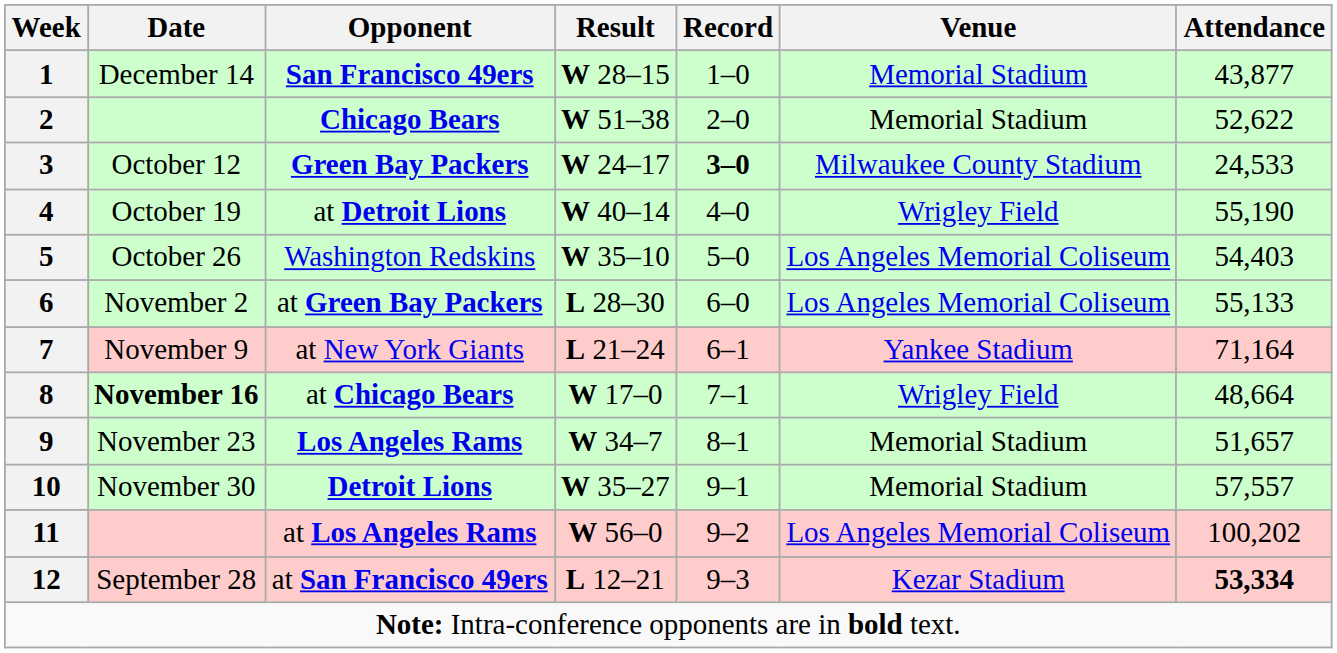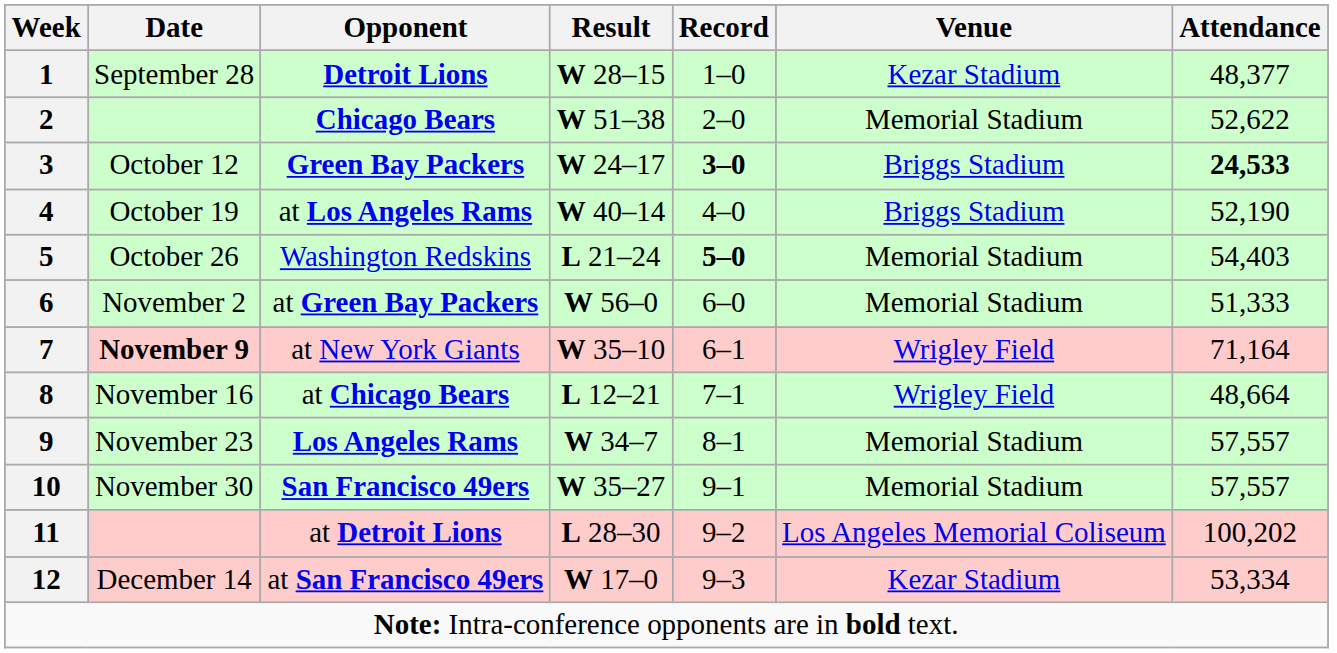 <table class="wikitable" style="text-align:center">
 <tr>
 <th>Week</th>
 <th>Date</th>
 <th>Opponent</th>
 <th>Result</th>
 <th>Record</th>
 <th>Venue</th>
 <th>Attendance</th>
 </tr>
 <tr style="background:#cfc">
 <th>1</th>
-<td>December 14</td>
-<td><strong><a href='#'>San Francisco 49ers</a></strong></td>
+<td>September 28</td>
+<td><strong><a href='#'>Detroit Lions</a></strong></td>
 <td><strong>W</strong> 28–15</td>
 <td>1–0</td>
-<td><a href='#'>Memorial Stadium</a></td>
-<td>43,877</td>
+<td><a href='#'>Kezar Stadium</a></td>
+<td>48,377</td>
 </tr>
 <tr style="background:#cfc">
 <th>2</th>
 <td></td>
 <td><strong><a href='#'>Chicago Bears</a></strong></td>
 <td><strong>W</strong> 51–38</td>
 <td>2–0</td>
 <td>Memorial Stadium</td>
 <td>52,622</td>
 </tr>
 <tr style="background:#cfc">
 <th>3</th>
 <td>October 12</td>
 <td><strong><a href='#'>Green Bay Packers</a></strong></td>
 <td><strong>W</strong> 24–17</td>
 <td><strong>3–0</strong></td>
-<td><a href='#'>Milwaukee County Stadium</a></td>
-<td>24,533</td>
+<td><a href='#'>Briggs Stadium</a></td>
+<td><strong>24,533</strong></td>
 </tr>
 <tr style="background:#cfc">
 <th>4</th>
 <td>October 19</td>
-<td>at <strong><a href='#'>Detroit Lions</a></strong></td>
+<td>at <strong><a href='#'>Los Angeles Rams</a></strong></td>
 <td><strong>W</strong> 40–14</td>
 <td>4–0</td>
-<td><a href='#'>Wrigley Field</a></td>
-<td>55,190</td>
+<td><a href='#'>Briggs Stadium</a></td>
+<td>52,190</td>
 </tr>
 <tr style="background:#cfc">
 <th>5</th>
 <td>October 26</td>
 <td><a href='#'>Washington Redskins</a></td>
-<td><strong>W</strong> 35–10</td>
-<td>5–0</td>
-<td><a href='#'>Los Angeles Memorial Coliseum</a></td>
+<td><strong>L</strong> 21–24</td>
+<td><strong>5–0</strong></td>
+<td>Memorial Stadium</td>
 <td>54,403</td>
 </tr>
 <tr style="background:#cfc">
 <th>6</th>
 <td>November 2</td>
 <td>at <strong><a href='#'>Green Bay Packers</a></strong></td>
-<td><strong>L</strong> 28–30</td>
+<td><strong>W</strong> 56–0</td>
 <td>6–0</td>
-<td><a href='#'>Los Angeles Memorial Coliseum</a></td>
-<td>55,133</td>
+<td>Memorial Stadium</td>
+<td>51,333</td>
 </tr>
 <tr style="background:#fcc">
 <th>7</th>
-<td>November 9</td>
+<td><strong>November 9</strong></td>
 <td>at <a href='#'>New York Giants</a></td>
-<td><strong>L</strong> 21–24</td>
+<td><strong>W</strong> 35–10</td>
 <td>6–1</td>
-<td><a href='#'>Yankee Stadium</a></td>
+<td><a href='#'>Wrigley Field</a></td>
 <td>71,164</td>
 </tr>
 <tr style="background:#cfc">
 <th>8</th>
-<td><strong>November 16</strong></td>
+<td>November 16</td>
 <td>at <strong><a href='#'>Chicago Bears</a></strong></td>
-<td><strong>W</strong> 17–0</td>
+<td><strong>L</strong> 12–21</td>
 <td>7–1</td>
 <td><a href='#'>Wrigley Field</a></td>
 <td>48,664</td>
 </tr>
 <tr style="background:#cfc">
 <th>9</th>
 <td>November 23</td>
 <td><strong><a href='#'>Los Angeles Rams</a></strong></td>
 <td><strong>W</strong> 34–7</td>
 <td>8–1</td>
 <td>Memorial Stadium</td>
-<td>51,657</td>
+<td>57,557</td>
 </tr>
 <tr style="background:#cfc">
 <th>10</th>
 <td>November 30</td>
-<td><strong><a href='#'>Detroit Lions</a></strong></td>
+<td><strong><a href='#'>San Francisco 49ers</a></strong></td>
 <td><strong>W</strong> 35–27</td>
 <td>9–1</td>
 <td>Memorial Stadium</td>
 <td>57,557</td>
 </tr>
 <tr style="background:#fcc">
 <th>11</th>
 <td></td>
-<td>at <strong><a href='#'>Los Angeles Rams</a></strong></td>
-<td><strong>W</strong> 56–0</td>
+<td>at <strong><a href='#'>Detroit Lions</a></strong></td>
+<td><strong>L</strong> 28–30</td>
 <td>9–2</td>
 <td><a href='#'>Los Angeles Memorial Coliseum</a></td>
 <td>100,202</td>
 </tr>
 <tr style="background:#fcc">
 <th>12</th>
-<td>September 28</td>
+<td>December 14</td>
 <td>at <strong><a href='#'>San Francisco 49ers</a></strong></td>
-<td><strong>L</strong> 12–21</td>
+<td><strong>W</strong> 17–0</td>
 <td>9–3</td>
 <td><a href='#'>Kezar Stadium</a></td>
-<td><strong>53,334</strong></td>
+<td>53,334</td>
 </tr>
 <tr>
 <td colspan="8"><strong>Note:</strong> Intra-conference opponents are in <strong>bold</strong> text.</td>
 </tr>
 </table>
